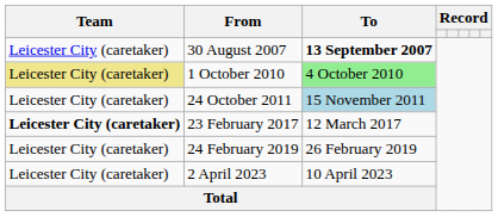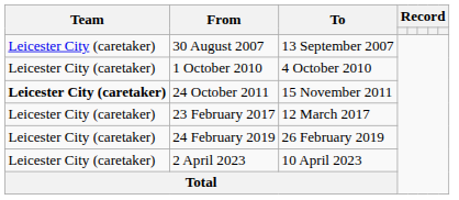 <table class="wikitable" style="text-align: center">
 <tr>
 <th rowspan=2>Team</th>
 <th rowspan=2>From</th>
 <th rowspan=2>To</th>
 <th colspan=5>Record</th>
 </tr>
 <tr>
 <th></th>
 <th></th>
 <th></th>
 <th></th>
 <th></th>
 </tr>
 <tr>
 <td align=left><a href='#'>Leicester City</a> (caretaker)</td>
 <td align=left>30 August 2007</td>
-<td align=left><strong>13 September 2007<br></strong></td>
-</tr>
-<tr>
-<td align=left style="background: khaki;">Leicester City (caretaker)</td>
-<td align=left>1 October 2010</td>
-<td align=left style="background: lightgreen;">4 October 2010<br></td>
+<td align=left>13 September 2007<br></td>
 </tr>
 <tr>
 <td align=left>Leicester City (caretaker)</td>
-<td align=left>24 October 2011</td>
-<td align=left style="background: lightblue;">15 November 2011<br></td>
+<td align=left>1 October 2010</td>
+<td align=left>4 October 2010<br></td>
 </tr>
 <tr>
 <td align=left><strong>Leicester City (caretaker)</strong></td>
+<td align=left>24 October 2011</td>
+<td align=left>15 November 2011<br></td>
+</tr>
+<tr>
+<td align=left>Leicester City (caretaker)</td>
 <td align=left>23 February 2017</td>
 <td align=left>12 March 2017<br></td>
 </tr>
 <tr>
 <td align=left>Leicester City (caretaker)</td>
 <td align=left>24 February 2019</td>
 <td align=left>26 February 2019<br></td>
 </tr>
 <tr>
 <td align=left>Leicester City (caretaker)</td>
 <td align=left>2 April 2023</td>
 <td align=left>10 April 2023<br></td>
 </tr>
 <tr>
 <th colspan=3>Total<br></th>
 </tr>
 </table>
